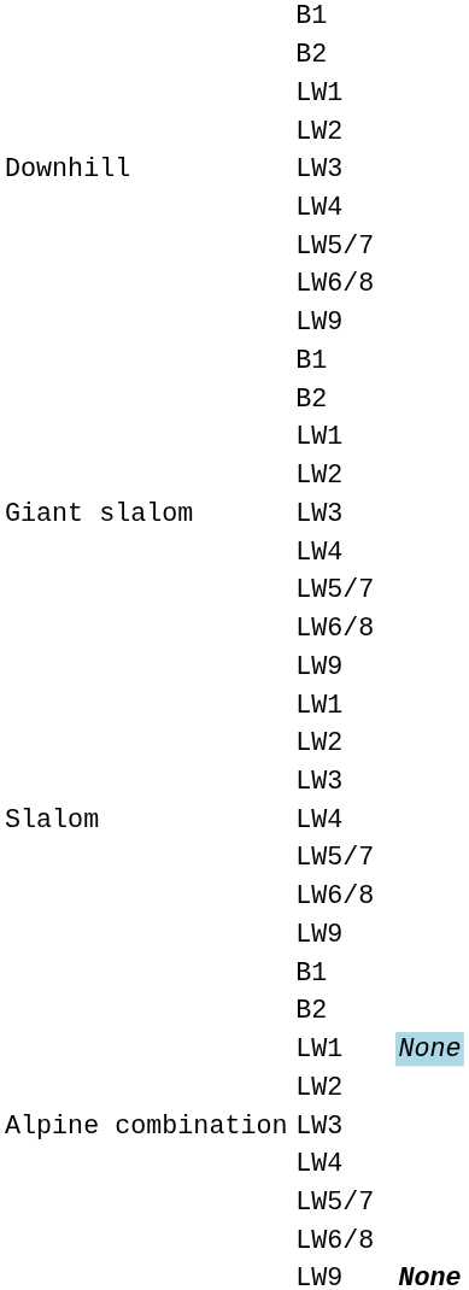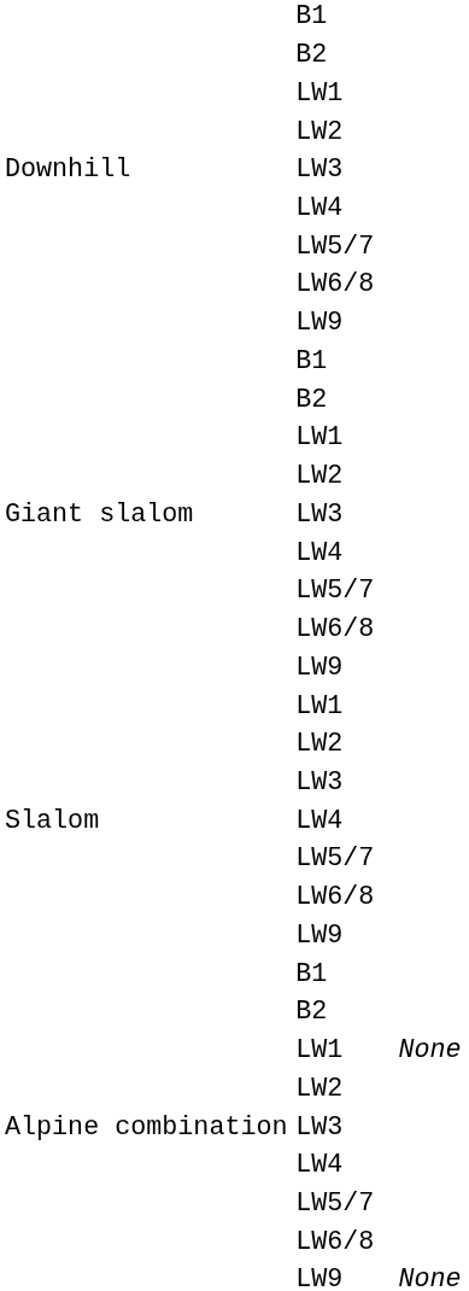 <table>
 <tr>
 <td rowspan="9">Downhill</td>
 <td>B1<br></td>
 <td></td>
 <td></td>
 <td></td>
 </tr>
 <tr>
 <td>B2<br></td>
 <td></td>
 <td></td>
 <td></td>
 </tr>
 <tr>
 <td>LW1<br></td>
 <td></td>
 <td></td>
 <td></td>
 </tr>
 <tr>
 <td>LW2<br></td>
 <td></td>
 <td></td>
 <td></td>
 </tr>
 <tr>
 <td>LW3<br></td>
 <td></td>
 <td></td>
 <td></td>
 </tr>
 <tr>
 <td>LW4<br></td>
 <td></td>
 <td></td>
 <td></td>
 </tr>
 <tr>
 <td>LW5/7<br></td>
 <td></td>
 <td></td>
 <td></td>
 </tr>
 <tr>
 <td>LW6/8<br></td>
 <td></td>
 <td></td>
 <td></td>
 </tr>
 <tr>
 <td>LW9<br></td>
 <td></td>
 <td></td>
 <td></td>
 </tr>
 <tr>
 <td rowspan="9">Giant slalom</td>
 <td>B1<br></td>
 <td></td>
 <td></td>
 <td></td>
 </tr>
 <tr>
 <td>B2<br></td>
 <td></td>
 <td></td>
 <td></td>
 </tr>
 <tr>
 <td>LW1<br></td>
 <td></td>
 <td></td>
 <td></td>
 </tr>
 <tr>
 <td>LW2<br></td>
 <td></td>
 <td></td>
 <td></td>
 </tr>
 <tr>
 <td>LW3<br></td>
 <td></td>
 <td></td>
 <td></td>
 </tr>
 <tr>
 <td>LW4<br></td>
 <td></td>
 <td></td>
 <td></td>
 </tr>
 <tr>
 <td>LW5/7<br></td>
 <td></td>
 <td></td>
 <td></td>
 </tr>
 <tr>
 <td>LW6/8<br></td>
 <td></td>
 <td></td>
 <td></td>
 </tr>
 <tr>
 <td>LW9<br></td>
 <td></td>
 <td></td>
 <td></td>
 </tr>
 <tr>
 <td rowspan="7">Slalom</td>
 <td>LW1<br></td>
 <td></td>
 <td></td>
 <td></td>
 </tr>
 <tr>
 <td>LW2<br></td>
 <td></td>
 <td></td>
 <td></td>
 </tr>
 <tr>
 <td>LW3<br></td>
 <td></td>
 <td></td>
 <td></td>
 </tr>
 <tr>
 <td>LW4<br></td>
 <td></td>
 <td></td>
 <td></td>
 </tr>
 <tr>
 <td>LW5/7<br></td>
 <td></td>
 <td></td>
 <td></td>
 </tr>
 <tr>
 <td>LW6/8<br></td>
 <td></td>
 <td></td>
 <td></td>
 </tr>
 <tr>
 <td>LW9<br></td>
 <td></td>
 <td></td>
 <td></td>
 </tr>
 <tr>
 <td rowspan="9">Alpine combination</td>
 <td>B1<br></td>
 <td></td>
 <td></td>
 <td></td>
 </tr>
 <tr>
 <td>B2<br></td>
 <td></td>
 <td></td>
 <td></td>
 </tr>
 <tr>
 <td>LW1<br></td>
 <td></td>
 <td></td>
-<td align="center" style="background: lightblue;"><em>None</em></td>
+<td align="center"><em>None</em></td>
 </tr>
 <tr>
 <td>LW2<br></td>
 <td></td>
 <td></td>
 <td></td>
 </tr>
 <tr>
 <td>LW3<br></td>
 <td></td>
 <td></td>
 <td></td>
 </tr>
 <tr>
 <td>LW4<br></td>
 <td></td>
 <td></td>
 <td></td>
 </tr>
 <tr>
 <td>LW5/7<br></td>
 <td></td>
 <td></td>
 <td></td>
 </tr>
 <tr>
 <td>LW6/8<br></td>
 <td></td>
 <td></td>
 <td></td>
 </tr>
 <tr>
 <td>LW9<br></td>
 <td></td>
 <td></td>
-<td align="center"><strong><em>None</em></strong></td>
+<td align="center"><em>None</em></td>
 </tr>
 </table>
